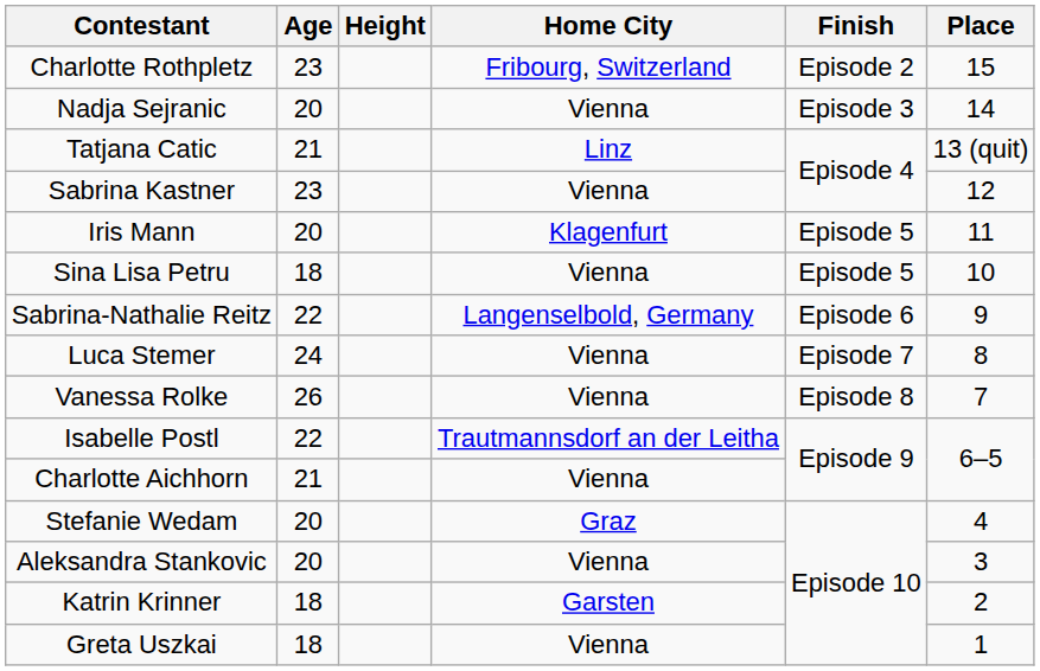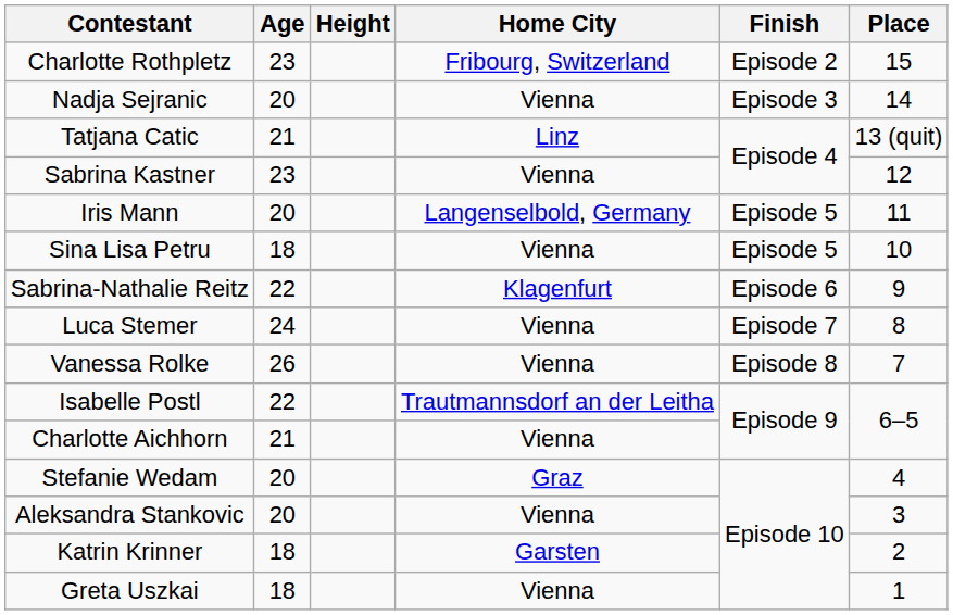 <table class="wikitable sortable" style="text-align:center;">
 <tr>
 <th>Contestant</th>
 <th>Age</th>
 <th>Height</th>
 <th>Home City</th>
 <th>Finish</th>
 <th>Place</th>
 </tr>
 <tr>
 <td>Charlotte Rothpletz</td>
 <td>23</td>
 <td></td>
 <td><a href='#'>Fribourg</a>, <a href='#'>Switzerland</a></td>
 <td>Episode 2</td>
 <td>15</td>
 </tr>
 <tr>
 <td>Nadja Sejranic</td>
 <td>20</td>
 <td></td>
 <td>Vienna</td>
 <td>Episode 3</td>
 <td>14</td>
 </tr>
 <tr>
 <td>Tatjana Catic</td>
 <td>21</td>
 <td></td>
 <td><a href='#'>Linz</a></td>
 <td rowspan="2">Episode 4</td>
 <td>13 (quit)</td>
 </tr>
 <tr>
 <td>Sabrina Kastner</td>
 <td>23</td>
 <td></td>
 <td>Vienna</td>
 <td>12</td>
 </tr>
 <tr>
 <td>Iris Mann</td>
 <td>20</td>
 <td></td>
-<td><a href='#'>Klagenfurt</a></td>
+<td><a href='#'>Langenselbold</a>, <a href='#'>Germany</a></td>
 <td>Episode 5</td>
 <td>11</td>
 </tr>
 <tr>
 <td>Sina Lisa Petru</td>
 <td>18</td>
 <td></td>
 <td>Vienna</td>
 <td>Episode 5</td>
 <td>10</td>
 </tr>
 <tr>
 <td>Sabrina-Nathalie Reitz</td>
 <td>22</td>
 <td></td>
-<td><a href='#'>Langenselbold</a>, <a href='#'>Germany</a></td>
+<td><a href='#'>Klagenfurt</a></td>
 <td>Episode 6</td>
 <td>9</td>
 </tr>
 <tr>
 <td>Luca Stemer</td>
 <td>24</td>
 <td></td>
 <td>Vienna</td>
 <td>Episode 7</td>
 <td>8</td>
 </tr>
 <tr>
 <td>Vanessa Rolke</td>
 <td>26</td>
 <td></td>
 <td>Vienna</td>
 <td>Episode 8</td>
 <td>7</td>
 </tr>
 <tr>
 <td>Isabelle Postl</td>
 <td>22</td>
 <td></td>
 <td><a href='#'>Trautmannsdorf an der Leitha</a></td>
 <td rowspan="2">Episode 9</td>
 <td rowspan="2">6–5</td>
 </tr>
 <tr>
 <td>Charlotte Aichhorn</td>
 <td>21</td>
 <td></td>
 <td>Vienna</td>
 </tr>
 <tr>
 <td>Stefanie Wedam</td>
 <td>20</td>
 <td></td>
 <td><a href='#'>Graz</a></td>
 <td rowspan="4">Episode 10</td>
 <td>4</td>
 </tr>
 <tr>
 <td>Aleksandra Stankovic</td>
 <td>20</td>
 <td></td>
 <td>Vienna</td>
 <td>3</td>
 </tr>
 <tr>
 <td>Katrin Krinner</td>
 <td>18</td>
 <td></td>
 <td><a href='#'>Garsten</a></td>
 <td>2</td>
 </tr>
 <tr>
 <td>Greta Uszkai</td>
 <td>18</td>
 <td></td>
 <td>Vienna</td>
 <td>1</td>
 </tr>
 </table>
